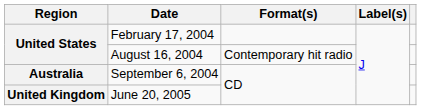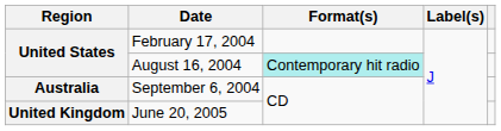 <table class="wikitable plainrowheaders">
 <tr>
 <th scope="col">Region</th>
 <th scope="col">Date</th>
 <th scope="col">Format(s)</th>
 <th scope="col">Label(s)</th>
 <th scope="col"></th>
 </tr>
 <tr>
 <th scope="row" rowspan="2">United States</th>
 <td>February 17, 2004</td>
 <td></td>
 <td rowspan="4"><a href='#'>J</a></td>
 <td></td>
 </tr>
 <tr>
 <td>August 16, 2004</td>
-<td>Contemporary hit radio</td>
+<td style="background: paleturquoise;">Contemporary hit radio</td>
 <td></td>
 </tr>
 <tr>
 <th scope="row">Australia</th>
 <td>September 6, 2004</td>
 <td rowspan="2">CD</td>
 <td></td>
 </tr>
 <tr>
 <th scope="row" rowspan="2">United Kingdom</th>
 <td>June 20, 2005</td>
 <td></td>
 </tr>
 </table>
